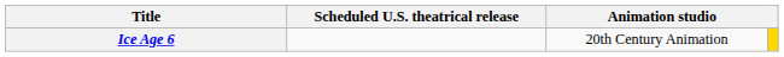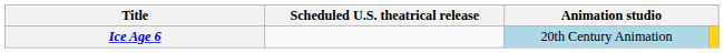 <table class="wikitable sortable plainrowheaders">
 <tr style="color:black">
 <th scope="col" style="width:300px;">Title</th>
 <th scope="col" style="width:275px;">Scheduled U.S. theatrical release</th>
 <th colspan="2" scope="col" style="padding:0 8px; width:225px;">Animation studio</th>
 </tr>
 <tr>
 <th scope="row"><em><a href='#'>Ice Age 6</a></em></th>
 <td></td>
-<td style="text-align:center;">20th Century Animation</td>
+<td style="background: lightblue; text-align:center;">20th Century Animation</td>
 <td colspan="2" style="background:gold; "> </td>
 </tr>
 </table>
